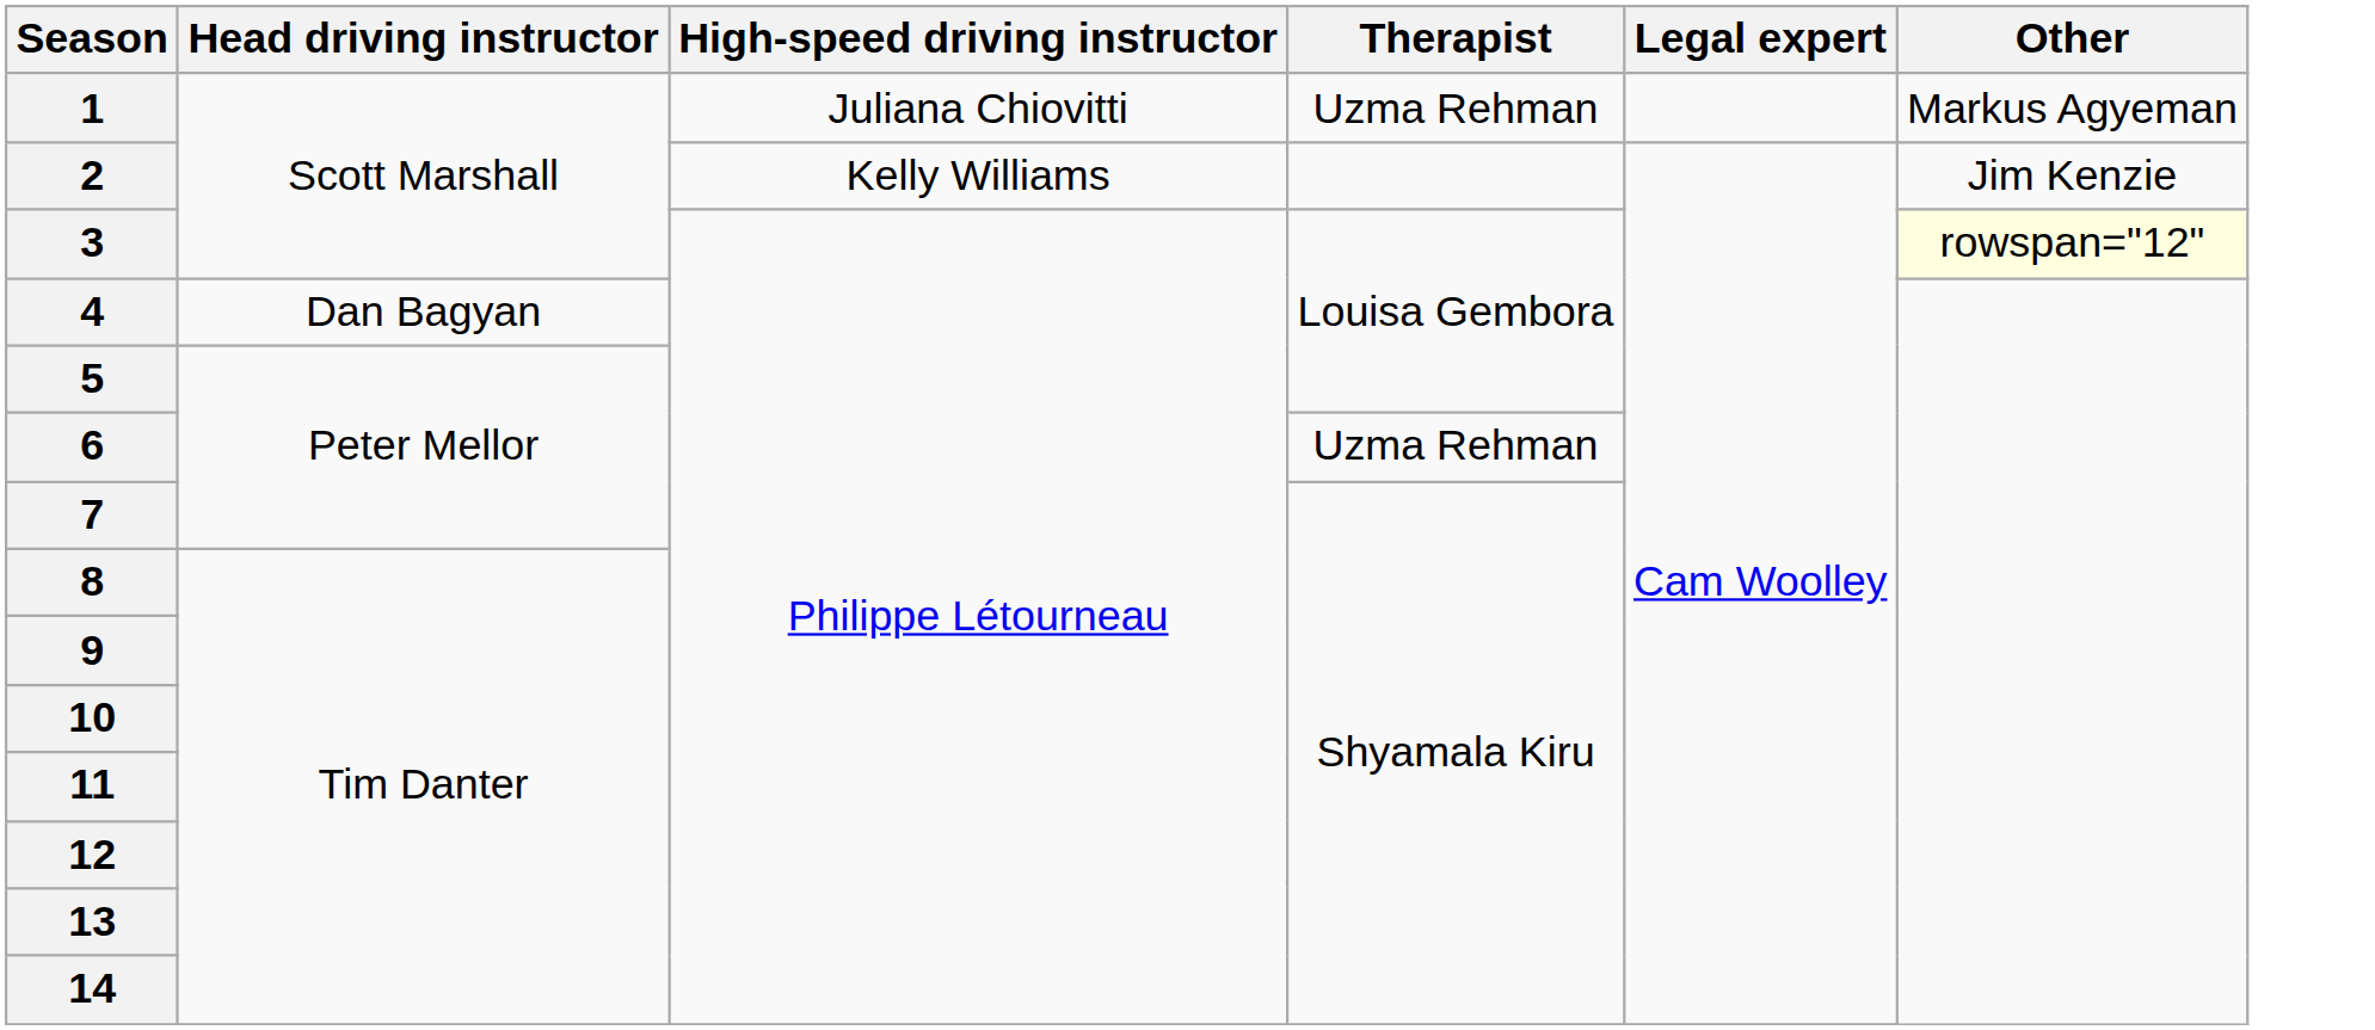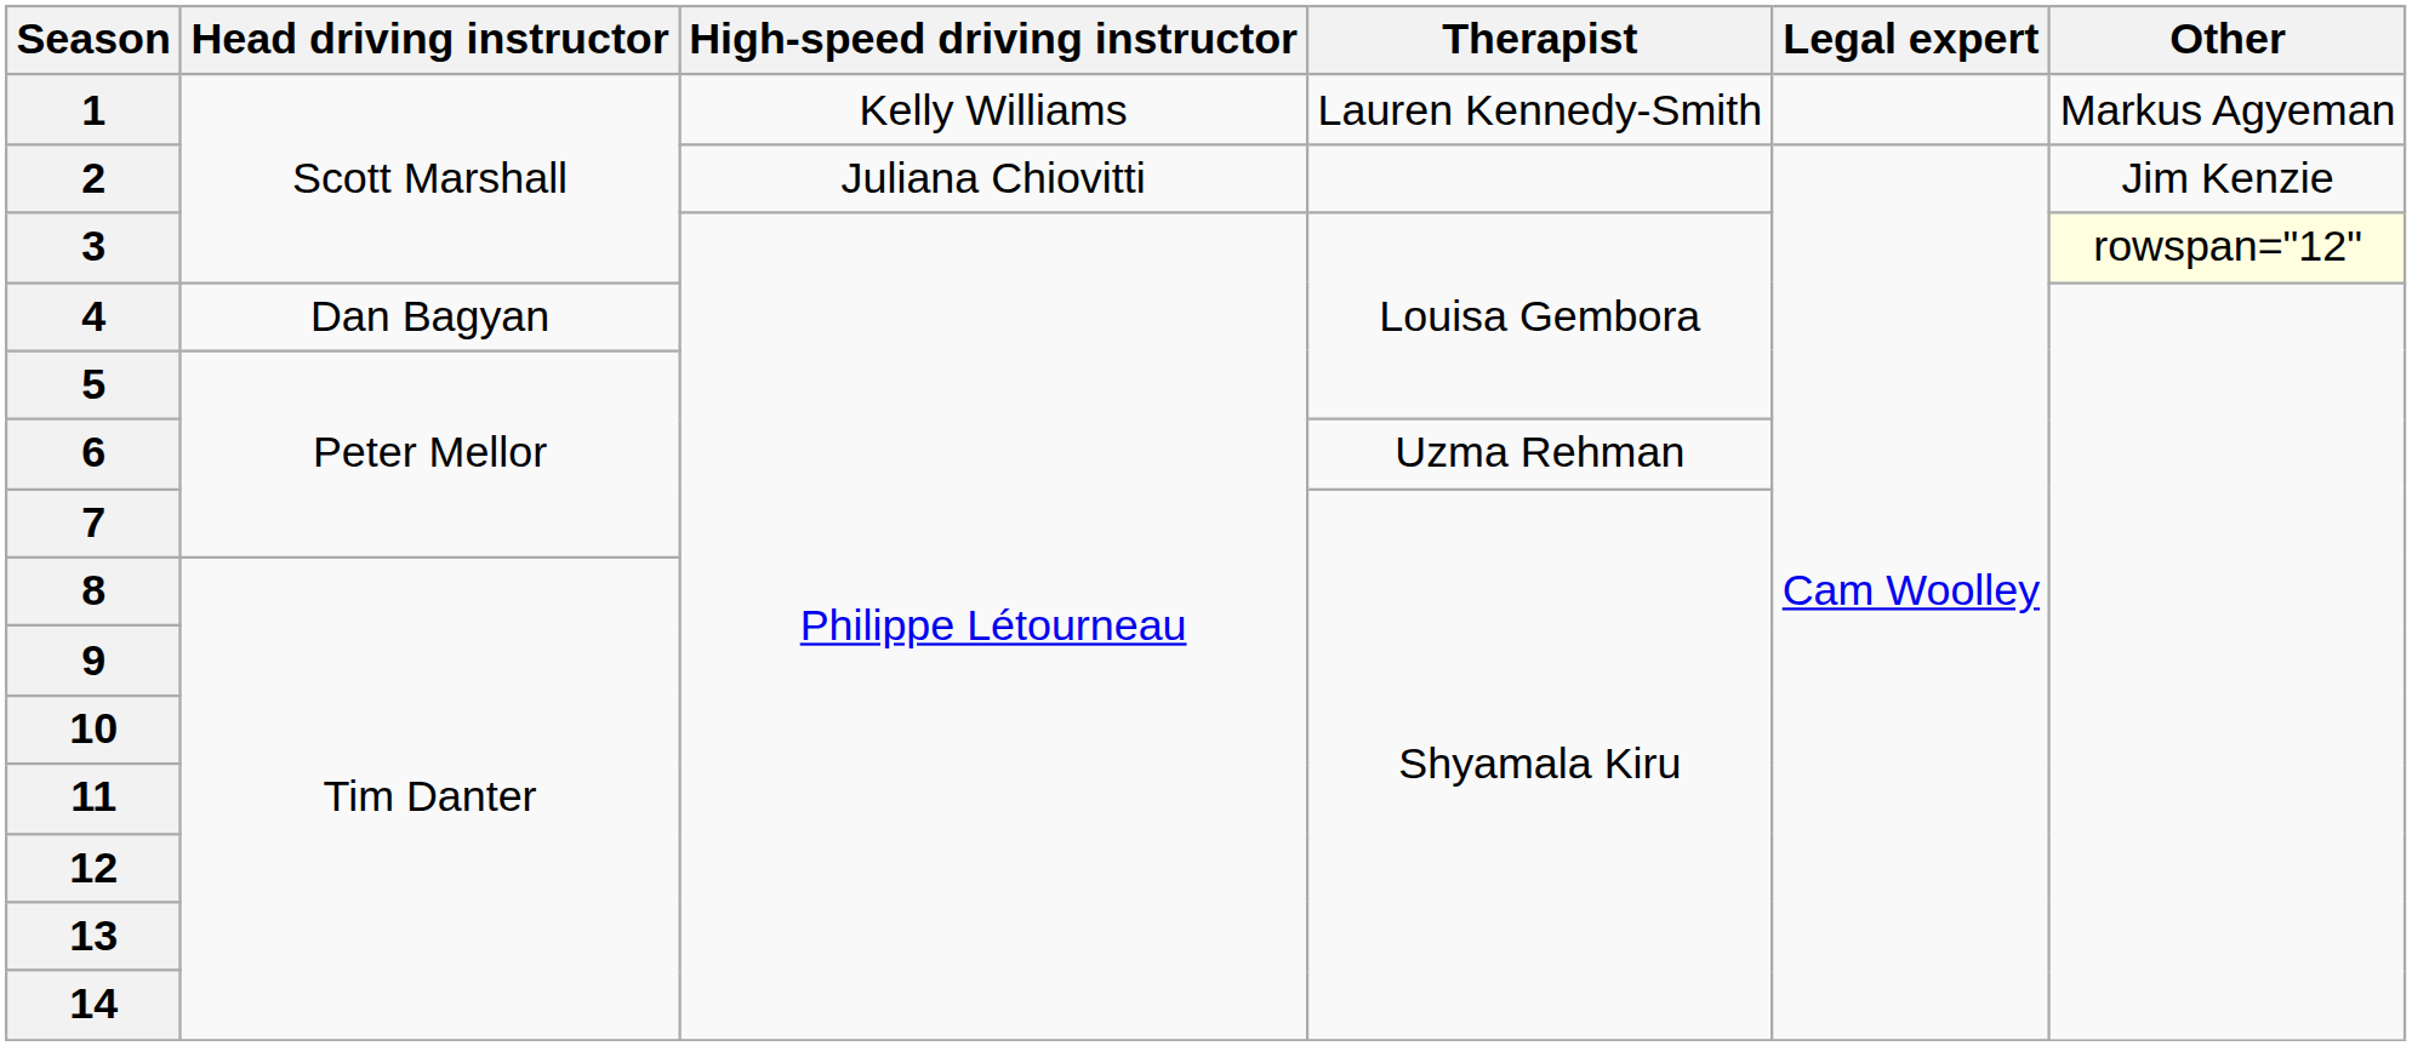 <table class="wikitable" style="text-align: center">
 <tr>
 <th>Season</th>
 <th>Head driving instructor</th>
 <th>High-speed driving instructor</th>
 <th>Therapist</th>
 <th>Legal expert</th>
 <th>Other</th>
 </tr>
 <tr>
 <th scope="row">1</th>
 <td rowspan="3">Scott Marshall</td>
-<td>Juliana Chiovitti</td>
-<td>Uzma Rehman</td>
+<td>Kelly Williams</td>
+<td>Lauren Kennedy-Smith</td>
 <td></td>
 <td>Markus Agyeman</td>
 </tr>
 <tr>
 <th scope="row">2</th>
-<td>Kelly Williams</td>
+<td>Juliana Chiovitti</td>
 <td></td>
 <td rowspan="13"><a href='#'>Cam Woolley</a></td>
 <td>Jim Kenzie</td>
 </tr>
 <tr>
 <th scope="row">3</th>
 <td rowspan="12"><a href='#'>Philippe Létourneau</a></td>
 <td rowspan="3">Louisa Gembora</td>
 <td style="background: lightyellow;">rowspan="12" </td>
 </tr>
 <tr>
 <th scope="row">4</th>
 <td>Dan Bagyan</td>
 </tr>
 <tr>
 <th scope="row">5</th>
 <td rowspan="3">Peter Mellor</td>
 </tr>
 <tr>
 <th scope="row">6</th>
 <td>Uzma Rehman</td>
 </tr>
 <tr>
 <th scope="row">7</th>
 <td rowspan="8">Shyamala Kiru</td>
 </tr>
 <tr>
 <th scope="row">8</th>
 <td rowspan="7">Tim Danter</td>
 </tr>
 <tr>
 <th scope="row">9</th>
 </tr>
 <tr>
 <th scope="row">10</th>
 </tr>
 <tr>
 <th scope="row">11</th>
 </tr>
 <tr>
 <th scope="row">12</th>
 </tr>
 <tr>
 <th scope="row">13</th>
 </tr>
 <tr>
 <th scope="row">14</th>
 </tr>
 <tr>
 </tr>
 </table>
